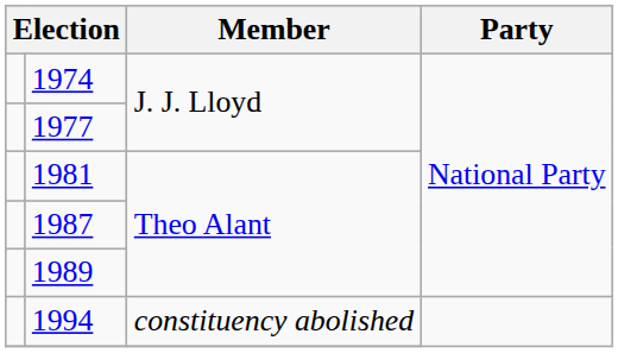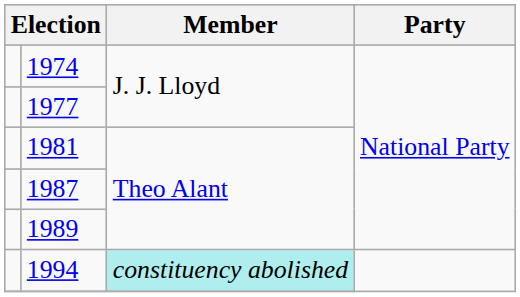 <table class="wikitable">
 <tr>
 <th colspan="2">Election</th>
 <th>Member</th>
 <th>Party</th>
 </tr>
 <tr>
 <td style="background-color: "></td>
 <td><a href='#'>1974</a></td>
 <td rowspan="2">J. J. Lloyd</td>
 <td rowspan="5"><a href='#'>National Party</a></td>
 </tr>
 <tr>
 <td style="background-color: "></td>
 <td><a href='#'>1977</a></td>
 </tr>
 <tr>
 <td style="background-color: "></td>
 <td><a href='#'>1981</a></td>
 <td rowspan="3"><a href='#'>Theo Alant</a></td>
 </tr>
 <tr>
 <td style="background-color: "></td>
 <td><a href='#'>1987</a></td>
 </tr>
 <tr>
 <td style="background-color: "></td>
 <td><a href='#'>1989</a></td>
 </tr>
 <tr>
 <td style="background-color: "></td>
 <td><a href='#'>1994</a></td>
-<td><em>constituency abolished</em></td>
+<td style="background: paleturquoise;"><em>constituency abolished</em></td>
 </tr>
 <tr>
 </tr>
 </table>
